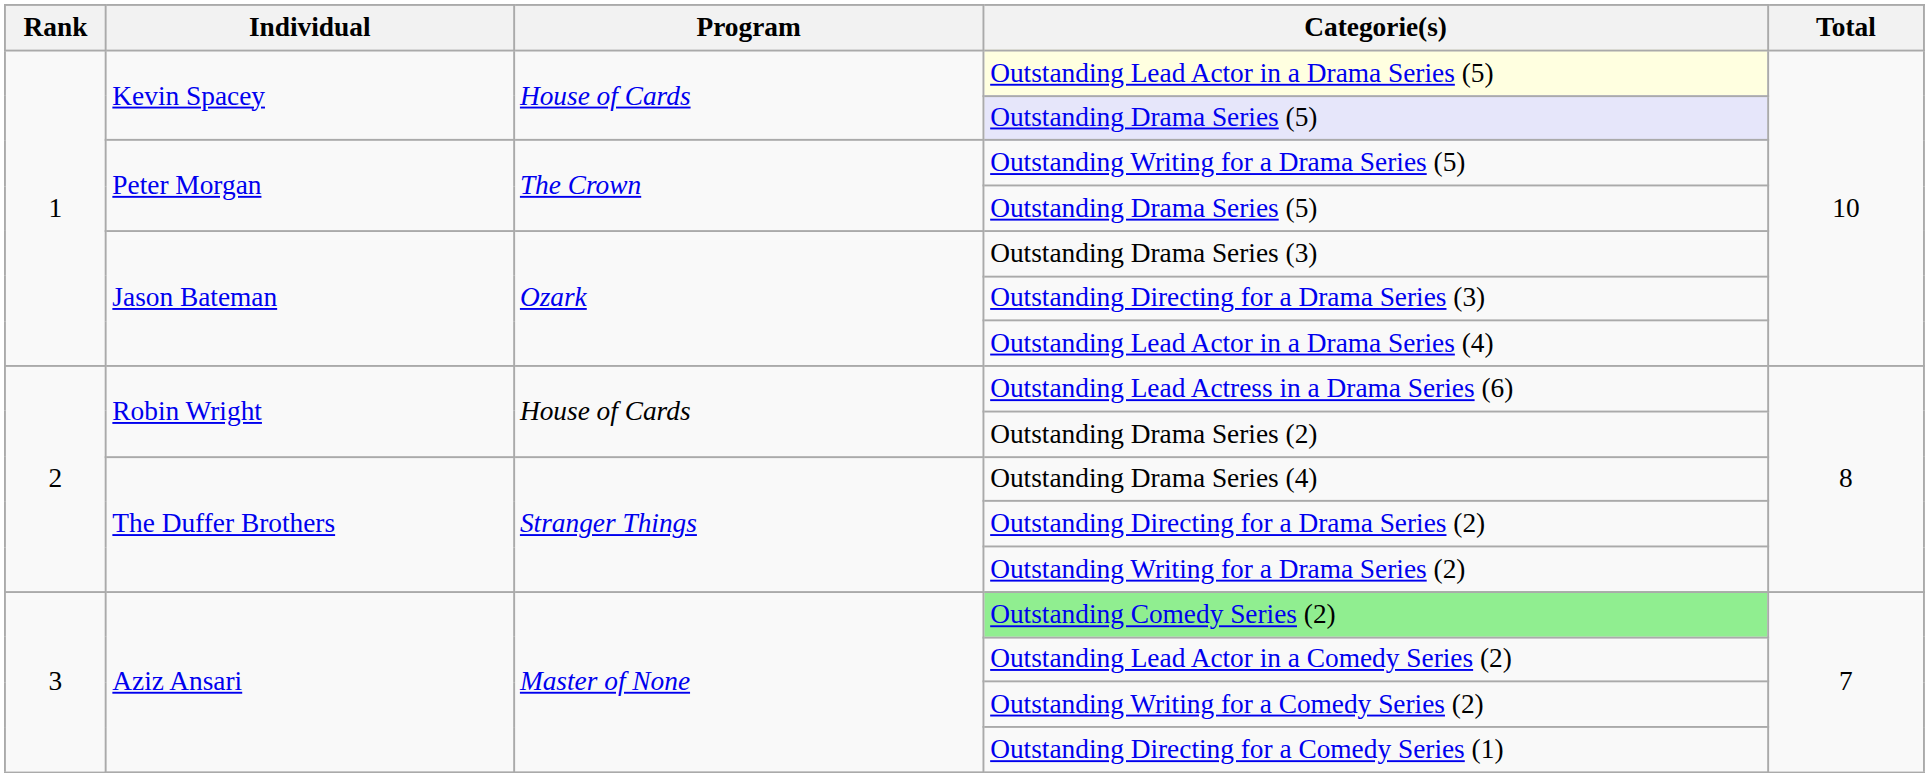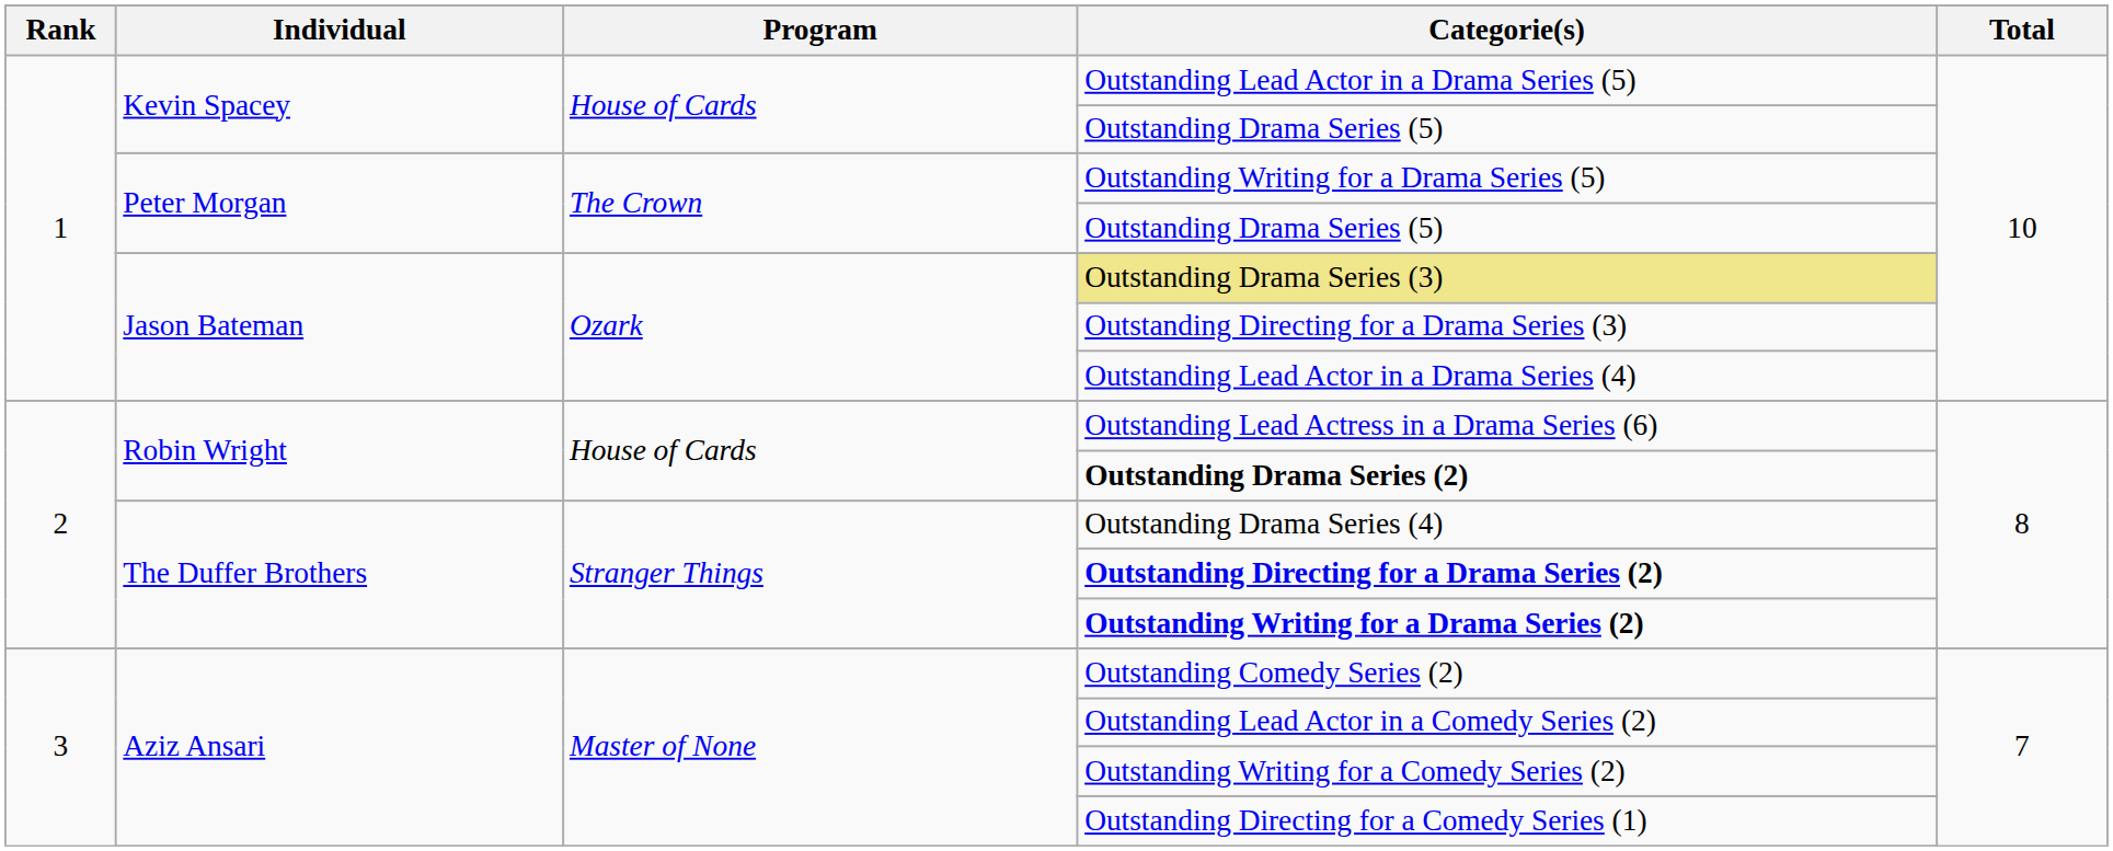 <table class="wikitable plainrowheaders" style="font-size: 90%" width=80%>
 <tr>
 <th scope="col" style="width:2%;">Rank</th>
 <th scope="col" style="width:13%;">Individual</th>
 <th scope="col" style="width:15%;">Program</th>
 <th scope="col" style="width:25%;">Categorie(s)</th>
 <th scope="col" style="width:5%;">Total</th>
 </tr>
 <tr>
 <td style="text-align:center;" rowspan="7">1</td>
 <td rowspan="2"><a href='#'>Kevin Spacey</a></td>
 <td rowspan="2"><em><a href='#'>House of Cards</a></em></td>
-<td style="background: lightyellow;"><a href='#'>Outstanding Lead Actor in a Drama Series</a> (5)</td>
+<td><a href='#'>Outstanding Lead Actor in a Drama Series</a> (5)</td>
 <td style="text-align:center;" rowspan="7">10</td>
 </tr>
 <tr>
-<td style="background: lavender;"><a href='#'>Outstanding Drama Series</a> (5)</td>
+<td><a href='#'>Outstanding Drama Series</a> (5)</td>
 </tr>
 <tr>
 <td rowspan="2"><a href='#'>Peter Morgan</a></td>
 <td rowspan="2"><em><a href='#'>The Crown</a></em></td>
 <td><a href='#'>Outstanding Writing for a Drama Series</a> (5)</td>
 </tr>
 <tr>
 <td><a href='#'>Outstanding Drama Series</a> (5)</td>
 </tr>
 <tr>
 <td rowspan="3"><a href='#'>Jason Bateman</a></td>
 <td rowspan="3"><em><a href='#'>Ozark</a></em></td>
-<td>Outstanding Drama Series (3)</td>
+<td style="background: khaki;">Outstanding Drama Series (3)</td>
 </tr>
 <tr>
 <td><a href='#'>Outstanding Directing for a Drama Series</a> (3)</td>
 </tr>
 <tr>
 <td><a href='#'>Outstanding Lead Actor in a Drama Series</a> (4)</td>
 </tr>
 <tr>
 <td style="text-align:center;" rowspan="5">2</td>
 <td rowspan="2"><a href='#'>Robin Wright</a></td>
 <td rowspan="2"><em>House of Cards</em></td>
 <td><a href='#'>Outstanding Lead Actress in a Drama Series</a> (6)</td>
 <td style="text-align:center;" rowspan="5">8</td>
 </tr>
 <tr>
-<td>Outstanding Drama Series (2)</td>
+<td><strong>Outstanding Drama Series (2)</strong></td>
 </tr>
 <tr>
 <td rowspan="3"><a href='#'>The Duffer Brothers</a></td>
 <td rowspan="3"><em><a href='#'>Stranger Things</a></em></td>
 <td>Outstanding Drama Series (4)</td>
 </tr>
 <tr>
-<td><a href='#'>Outstanding Directing for a Drama Series</a> (2)</td>
+<td><strong><a href='#'>Outstanding Directing for a Drama Series</a> (2)</strong></td>
 </tr>
 <tr>
-<td><a href='#'>Outstanding Writing for a Drama Series</a> (2)</td>
+<td><strong><a href='#'>Outstanding Writing for a Drama Series</a> (2)</strong></td>
 </tr>
 <tr>
 <td style="text-align:center;" rowspan="7">3</td>
 <td rowspan="4"><a href='#'>Aziz Ansari</a></td>
 <td rowspan="4"><em><a href='#'>Master of None</a></em></td>
-<td style="background: lightgreen;"><a href='#'>Outstanding Comedy Series</a> (2)</td>
+<td><a href='#'>Outstanding Comedy Series</a> (2)</td>
 <td style="text-align:center;" rowspan="7">7</td>
 </tr>
 <tr>
 <td><a href='#'>Outstanding Lead Actor in a Comedy Series</a> (2)</td>
 </tr>
 <tr>
 <td><a href='#'>Outstanding Writing for a Comedy Series</a> (2)</td>
 </tr>
 <tr>
 <td><a href='#'>Outstanding Directing for a Comedy Series</a> (1)</td>
 </tr>
 <tr>
 </tr>
 </table>
